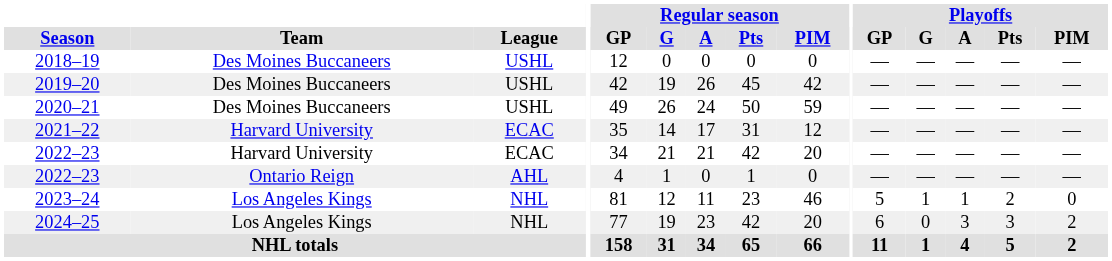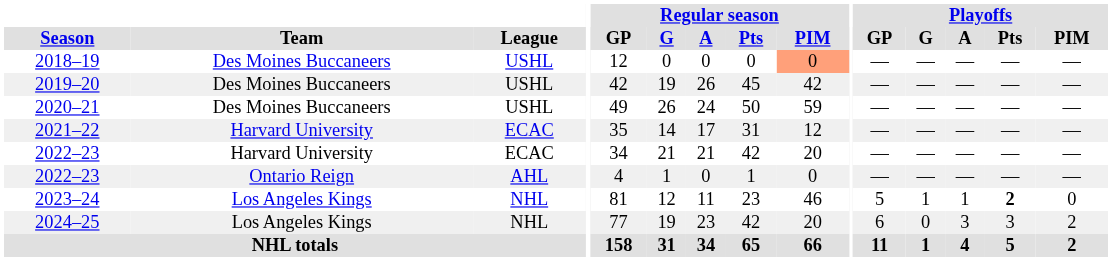 <table border="0" cellpadding="1" cellspacing="0" style="text-align:center; width:60em;">
 <tr bgcolor="#e0e0e0">
 <th colspan="3" bgcolor="#ffffff"></th>
 <th rowspan="101" bgcolor="#ffffff"></th>
 <th colspan="5"><a href='#'>Regular season</a></th>
 <th rowspan="101" bgcolor="#ffffff"></th>
 <th colspan="5"><a href='#'>Playoffs</a></th>
 </tr>
 <tr bgcolor="#e0e0e0">
 <th><a href='#'>Season</a></th>
 <th>Team</th>
 <th>League</th>
 <th>GP</th>
 <th><a href='#'>G</a></th>
 <th><a href='#'>A</a></th>
 <th><a href='#'>Pts</a></th>
 <th><a href='#'>PIM</a></th>
 <th>GP</th>
 <th>G</th>
 <th>A</th>
 <th>Pts</th>
 <th>PIM</th>
 </tr>
 <tr>
 <td><a href='#'>2018–19</a></td>
 <td><a href='#'>Des Moines Buccaneers</a></td>
 <td><a href='#'>USHL</a></td>
 <td>12</td>
 <td>0</td>
 <td>0</td>
 <td>0</td>
-<td>0</td>
+<td style="background: lightsalmon;">0</td>
 <td>—</td>
 <td>—</td>
 <td>—</td>
 <td>—</td>
 <td>—</td>
 </tr>
 <tr bgcolor="#f0f0f0">
 <td><a href='#'>2019–20</a></td>
 <td>Des Moines Buccaneers</td>
 <td>USHL</td>
 <td>42</td>
 <td>19</td>
 <td>26</td>
 <td>45</td>
 <td>42</td>
 <td>—</td>
 <td>—</td>
 <td>—</td>
 <td>—</td>
 <td>—</td>
 </tr>
 <tr>
 <td><a href='#'>2020–21</a></td>
 <td>Des Moines Buccaneers</td>
 <td>USHL</td>
 <td>49</td>
 <td>26</td>
 <td>24</td>
 <td>50</td>
 <td>59</td>
 <td>—</td>
 <td>—</td>
 <td>—</td>
 <td>—</td>
 <td>—</td>
 </tr>
 <tr bgcolor="#f0f0f0">
 <td><a href='#'>2021–22</a></td>
 <td><a href='#'>Harvard University</a></td>
 <td><a href='#'>ECAC</a></td>
 <td>35</td>
 <td>14</td>
 <td>17</td>
 <td>31</td>
 <td>12</td>
 <td>—</td>
 <td>—</td>
 <td>—</td>
 <td>—</td>
 <td>—</td>
 </tr>
 <tr>
 <td><a href='#'>2022–23</a></td>
 <td>Harvard University</td>
 <td>ECAC</td>
 <td>34</td>
 <td>21</td>
 <td>21</td>
 <td>42</td>
 <td>20</td>
 <td>—</td>
 <td>—</td>
 <td>—</td>
 <td>—</td>
 <td>—</td>
 </tr>
 <tr bgcolor="#f0f0f0">
 <td><a href='#'>2022–23</a></td>
 <td><a href='#'>Ontario Reign</a></td>
 <td><a href='#'>AHL</a></td>
 <td>4</td>
 <td>1</td>
 <td>0</td>
 <td>1</td>
 <td>0</td>
 <td>—</td>
 <td>—</td>
 <td>—</td>
 <td>—</td>
 <td>—</td>
 </tr>
 <tr>
 <td><a href='#'>2023–24</a></td>
 <td><a href='#'>Los Angeles Kings</a></td>
 <td><a href='#'>NHL</a></td>
 <td>81</td>
 <td>12</td>
 <td>11</td>
 <td>23</td>
 <td>46</td>
 <td>5</td>
 <td>1</td>
 <td>1</td>
-<td>2</td>
+<td><strong>2</strong></td>
 <td>0</td>
 </tr>
 <tr bgcolor="#f0f0f0">
 <td><a href='#'>2024–25</a></td>
 <td>Los Angeles Kings</td>
 <td>NHL</td>
 <td>77</td>
 <td>19</td>
 <td>23</td>
 <td>42</td>
 <td>20</td>
 <td>6</td>
 <td>0</td>
 <td>3</td>
 <td>3</td>
 <td>2</td>
 </tr>
 <tr bgcolor="#e0e0e0">
 <th colspan="3">NHL totals</th>
 <th>158</th>
 <th>31</th>
 <th>34</th>
 <th>65</th>
 <th>66</th>
 <th>11</th>
 <th>1</th>
 <th>4</th>
 <th>5</th>
 <th>2</th>
 </tr>
 </table>
